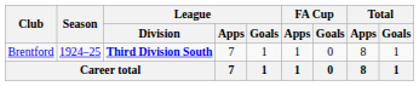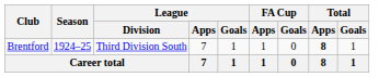 <table class="wikitable" style="text-align: center;">
 <tr>
 <th rowspan="2">Club</th>
 <th rowspan="2">Season</th>
 <th colspan="3">League</th>
 <th colspan="2">FA Cup</th>
 <th colspan="2">Total</th>
 </tr>
 <tr>
 <th>Division</th>
 <th>Apps</th>
 <th>Goals</th>
 <th>Apps</th>
 <th>Goals</th>
 <th>Apps</th>
 <th>Goals</th>
 </tr>
 <tr>
 <td><a href='#'>Brentford</a></td>
 <td><a href='#'>1924–25</a></td>
-<td><strong><a href='#'>Third Division South</a></strong></td>
+<td><a href='#'>Third Division South</a></td>
 <td>7</td>
 <td>1</td>
 <td>1</td>
 <td>0</td>
-<td>8</td>
+<td><strong>8</strong></td>
 <td>1</td>
 </tr>
 <tr>
 <th colspan="3">Career total</th>
 <th>7</th>
 <th>1</th>
 <th>1</th>
 <th>0</th>
 <th>8</th>
 <th>1</th>
 </tr>
 </table>
